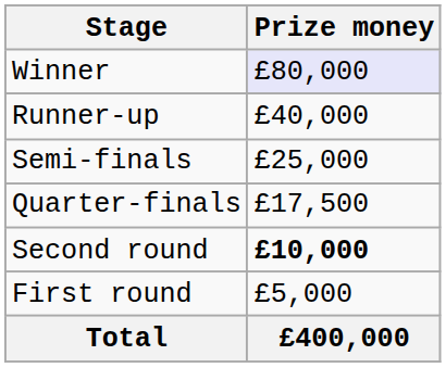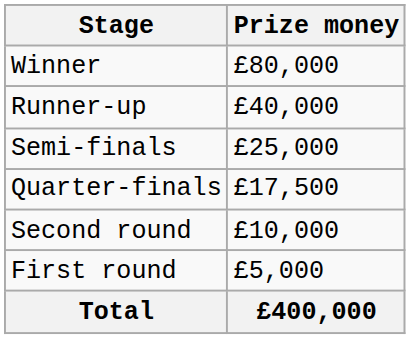 <table class="wikitable">
 <tr>
 <th>Stage</th>
 <th>Prize money</th>
 </tr>
 <tr>
 <td>Winner</td>
-<td style="background: lavender;">£80,000</td>
+<td>£80,000</td>
 </tr>
 <tr>
 <td>Runner-up</td>
 <td>£40,000</td>
 </tr>
 <tr>
 <td>Semi-finals</td>
 <td>£25,000</td>
 </tr>
 <tr>
 <td>Quarter-finals</td>
 <td>£17,500</td>
 </tr>
 <tr>
 <td>Second round</td>
-<td><strong>£10,000</strong></td>
+<td>£10,000</td>
 </tr>
 <tr>
 <td>First round</td>
 <td>£5,000</td>
 </tr>
 <tr>
 <th>Total</th>
 <th>£400,000</th>
 </tr>
 </table>
